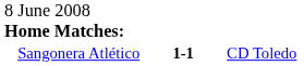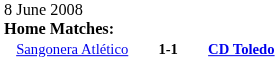 <table width=100% cellspacing=1>
 <tr>
 <th width=20%></th>
 <th width=12%></th>
 <th width=20%></th>
 <th></th>
 </tr>
 <tr>
 <td>8 June 2008<br><strong>Home Matches:</strong></td>
 </tr>
 <tr style=font-size:90%>
 <td align=right><a href='#'>Sangonera Atlético</a></td>
 <td align=center><strong>1-1</strong></td>
-<td><a href='#'>CD Toledo</a></td>
+<td><strong><a href='#'>CD Toledo</a></strong></td>
 </tr>
 </table>
